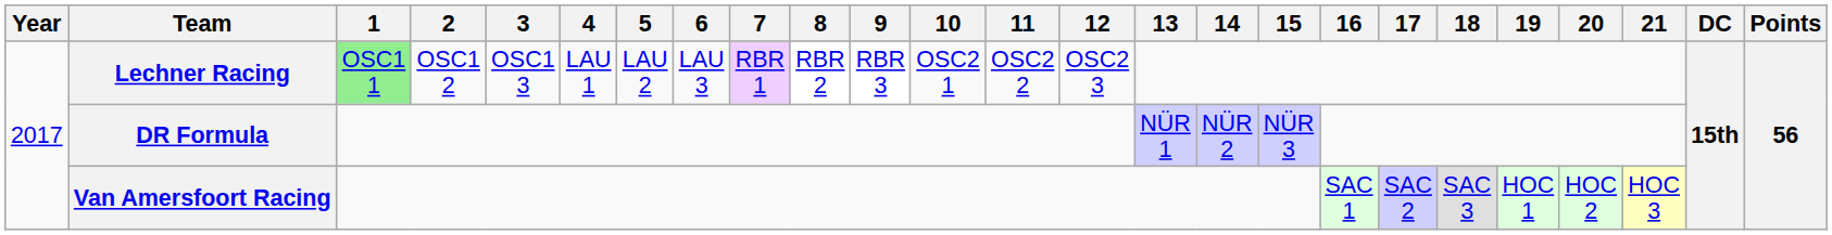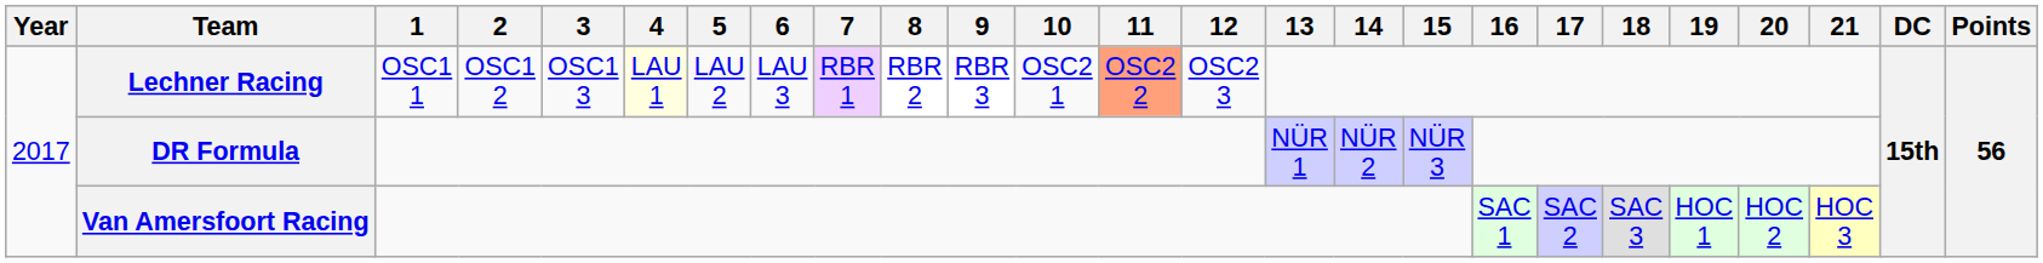 <table class="wikitable" style="text-align:center; font-size:85%">
 <tr>
 <th>Year</th>
 <th>Team</th>
 <th>1</th>
 <th>2</th>
 <th>3</th>
 <th>4</th>
 <th>5</th>
 <th>6</th>
 <th>7</th>
 <th>8</th>
 <th>9</th>
 <th>10</th>
 <th>11</th>
 <th>12</th>
 <th>13</th>
 <th>14</th>
 <th>15</th>
 <th>16</th>
 <th>17</th>
 <th>18</th>
 <th>19</th>
 <th>20</th>
 <th>21</th>
 <th>DC</th>
 <th>Points</th>
 </tr>
 <tr>
 <td rowspan=3><a href='#'>2017</a></td>
 <th nowrap><a href='#'>Lechner Racing</a></th>
-<td style="background: lightgreen;"><a href='#'>OSC1<br>1</a></td>
+<td><a href='#'>OSC1<br>1</a></td>
 <td><a href='#'>OSC1<br>2</a></td>
 <td><a href='#'>OSC1<br>3</a></td>
-<td><a href='#'>LAU<br>1</a></td>
+<td style="background: lightyellow;"><a href='#'>LAU<br>1</a></td>
 <td><a href='#'>LAU<br>2</a></td>
 <td><a href='#'>LAU<br>3</a></td>
 <td style="background:#EFCFFF"><a href='#'>RBR<br>1</a><br></td>
 <td style="background:#ffffff"><a href='#'>RBR<br>2</a><br></td>
 <td style="background:#ffffff"><a href='#'>RBR<br>3</a><br></td>
 <td><a href='#'>OSC2<br>1</a></td>
-<td><a href='#'>OSC2<br>2</a></td>
+<td style="background: lightsalmon;"><a href='#'>OSC2<br>2</a></td>
 <td><a href='#'>OSC2<br>3</a></td>
 <td colspan=9></td>
 <th rowspan=3>15th</th>
 <th rowspan=3>56</th>
 </tr>
 <tr>
 <th nowrap><a href='#'>DR Formula</a></th>
 <td colspan=12></td>
 <td style="background:#CFCFFF"><a href='#'>NÜR<br>1</a><br></td>
 <td style="background:#CFCFFF"><a href='#'>NÜR<br>2</a><br></td>
 <td style="background:#CFCFFF"><a href='#'>NÜR<br>3</a><br></td>
 <td colspan=6></td>
 </tr>
 <tr>
 <th nowrap><a href='#'>Van Amersfoort Racing</a></th>
 <td colspan=15></td>
 <td style="background:#DFFFDF"><a href='#'>SAC<br>1</a><br></td>
 <td style="background:#CFCFFF"><a href='#'>SAC<br>2</a><br></td>
 <td style="background:#DFDFDF"><a href='#'>SAC<br>3</a><br></td>
 <td style="background:#DFFFDF"><a href='#'>HOC<br>1</a><br></td>
 <td style="background:#DFFFDF"><a href='#'>HOC<br>2</a><br></td>
 <td style="background:#FFFFBF"><a href='#'>HOC<br>3</a><br></td>
 </tr>
 </table>
